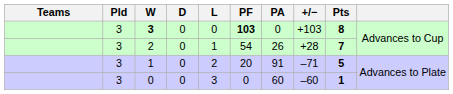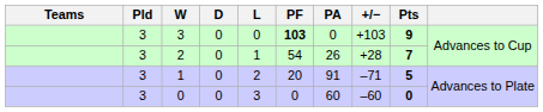 <table class="wikitable" style="text-align: center;">
 <tr>
 <th width="140">Teams</th>
 <th width="40">Pld</th>
 <th width="40">W</th>
 <th width="40">D</th>
 <th width="40">L</th>
 <th width="40">PF</th>
 <th width="40">PA</th>
 <th width="40">+/−</th>
 <th width="40">Pts</th>
 <th></th>
 </tr>
 <tr bgcolor="ccffcc">
 <td align="left"></td>
 <td>3</td>
-<td><strong>3</strong></td>
+<td>3</td>
 <td>0</td>
 <td>0</td>
 <td><strong>103</strong></td>
 <td>0</td>
 <td>+103</td>
-<td><strong>8</strong></td>
+<td><strong>9</strong></td>
 <td rowspan="2">Advances to Cup</td>
 </tr>
 <tr bgcolor="ccffcc">
 <td align="left"></td>
 <td>3</td>
 <td>2</td>
 <td>0</td>
 <td>1</td>
 <td>54</td>
 <td>26</td>
 <td>+28</td>
 <td><strong>7</strong></td>
 </tr>
 <tr bgcolor="ccccff">
 <td align="left"></td>
 <td>3</td>
 <td>1</td>
 <td>0</td>
 <td>2</td>
 <td>20</td>
 <td>91</td>
 <td>–71</td>
 <td><strong>5</strong></td>
 <td rowspan="2">Advances to Plate</td>
 </tr>
 <tr bgcolor="ccccff">
 <td align="left"> </td>
 <td>3</td>
 <td>0</td>
 <td>0</td>
 <td>3</td>
 <td>0</td>
 <td>60</td>
 <td>–60</td>
-<td><strong>1</strong></td>
+<td><strong>0</strong></td>
 </tr>
 </table>
